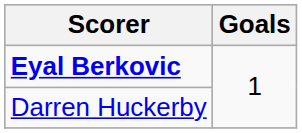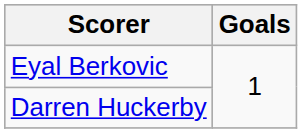 <table class="wikitable">
 <tr>
 <th>Scorer</th>
 <th>Goals</th>
 </tr>
 <tr>
-<td><strong> <a href='#'>Eyal Berkovic</a></strong></td>
+<td> <a href='#'>Eyal Berkovic</a></td>
 <td rowspan="2" style="text-align:center;">1</td>
 </tr>
 <tr>
 <td> <a href='#'>Darren Huckerby</a></td>
 </tr>
 </table>
